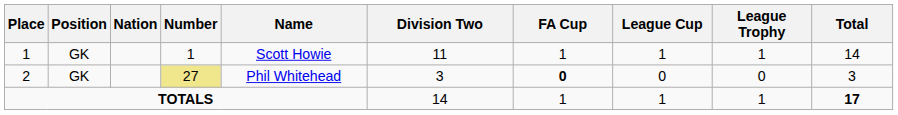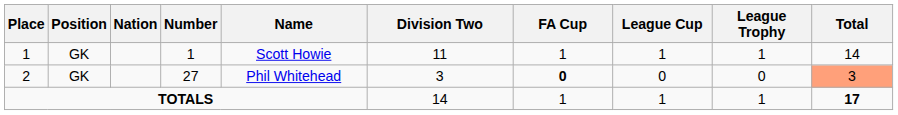 <table class="wikitable" style="font-size: 95%; text-align: center;">
 <tr>
 <th width=20>Place</th>
 <th width=20>Position</th>
 <th width=20>Nation</th>
 <th width=20>Number</th>
 <th width=150>Name</th>
 <th width=150>Division Two</th>
 <th width=100>FA Cup</th>
 <th width=100>League Cup</th>
 <th width=100>League Trophy</th>
 <th width=80><strong>Total</strong></th>
 </tr>
 <tr>
 <td>1</td>
 <td>GK</td>
 <td></td>
 <td>1</td>
 <td><a href='#'>Scott Howie</a></td>
 <td>11</td>
 <td>1</td>
 <td>1</td>
 <td>1</td>
 <td>14</td>
 </tr>
 <tr>
 <td>2</td>
 <td>GK</td>
 <td></td>
-<td style="background: khaki;">27</td>
+<td>27</td>
 <td><a href='#'>Phil Whitehead</a></td>
 <td>3</td>
 <td><strong>0</strong></td>
 <td>0</td>
 <td>0</td>
-<td>3</td>
+<td style="background: lightsalmon;">3</td>
 </tr>
 <tr>
 <td colspan="5"><strong>TOTALS</strong></td>
 <td>14</td>
 <td>1</td>
 <td>1</td>
 <td>1</td>
 <td><strong>17</strong></td>
 </tr>
 </table>
